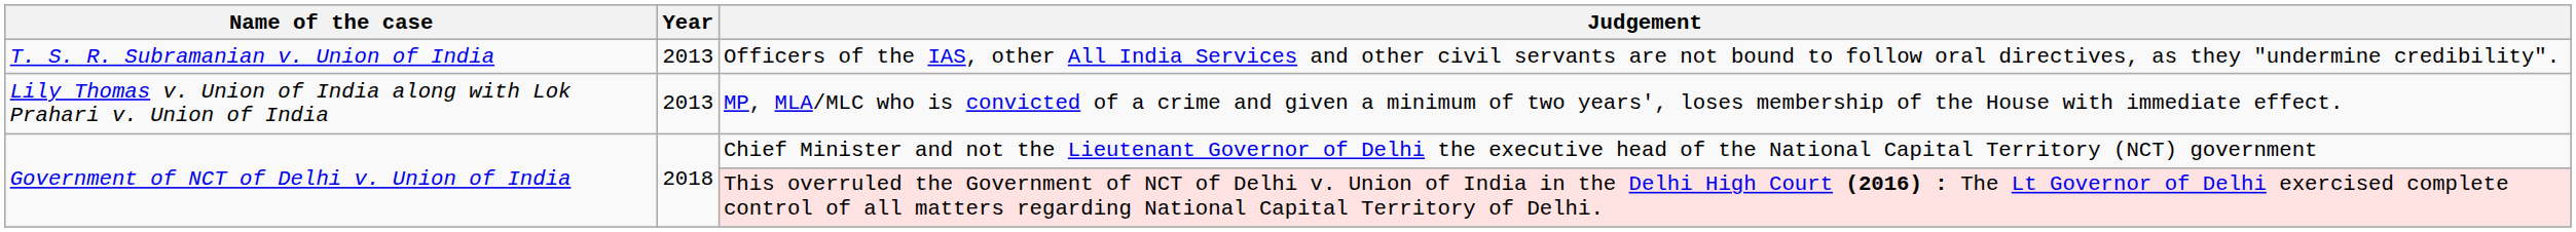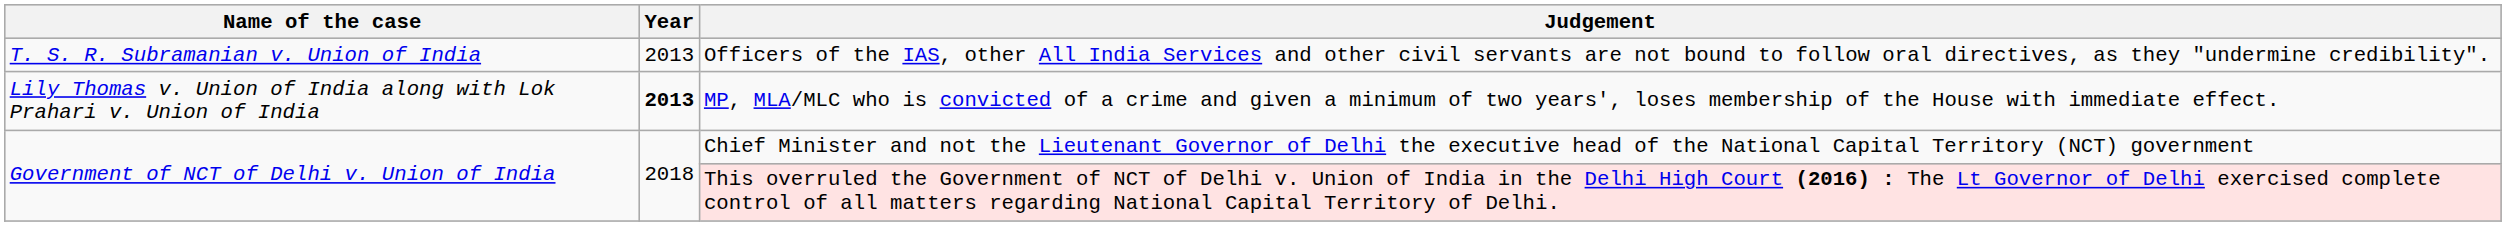 <table class="wikitable">
 <tr>
 <th>Name of the case</th>
 <th>Year</th>
 <th>Judgement</th>
 </tr>
 <tr>
 <td><em><a href='#'>T. S. R. Subramanian v. Union of India</a></em></td>
 <td>2013</td>
 <td>Officers of the <a href='#'>IAS</a>, other <a href='#'>All India Services</a> and other civil servants are not bound to follow oral directives, as they "undermine credibility".</td>
 </tr>
 <tr>
 <td><em><a href='#'>Lily Thomas</a> v. Union of India along with Lok Prahari v. Union of India</em></td>
-<td>2013</td>
+<td><strong>2013</strong></td>
 <td><a href='#'>MP</a>, <a href='#'>MLA</a>/MLC who is <a href='#'>convicted</a> of a crime and given a minimum of two years', loses membership of the House with immediate effect.</td>
 </tr>
 <tr>
 <td rowspan = 2><em><a href='#'>Government of NCT of Delhi v. Union of India</a></em></td>
 <td rowspan = 2>2018</td>
 <td>Chief Minister and not the <a href='#'>Lieutenant Governor of Delhi</a> the executive head of the National Capital Territory (NCT) government</td>
 </tr>
 <tr>
 <td style="background-color:#FFE3E3">This overruled the Government of NCT of Delhi v. Union of India in the <a href='#'>Delhi High Court</a> <strong>(2016) :</strong> The <a href='#'>Lt Governor of Delhi</a> exercised complete control of all matters regarding National Capital Territory of Delhi.</td>
 </tr>
 </table>
